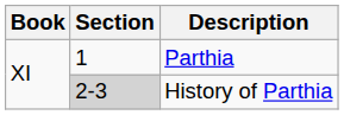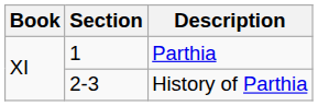 <table class="wikitable" style="max-width:45em;">
 <tr>
 <th>Book</th>
 <th>Section</th>
 <th>Description</th>
 </tr>
 <tr>
 <td rowspan="2">XI</td>
 <td>1</td>
 <td><a href='#'>Parthia</a></td>
 </tr>
 <tr>
-<td style="background: lightgrey;">2-3</td>
+<td>2-3</td>
 <td>History of <a href='#'>Parthia</a></td>
 </tr>
 </table>
